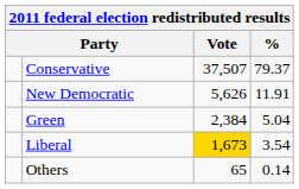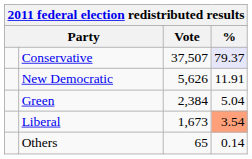 <table class="wikitable">
 <tr>
 <th colspan="4"><a href='#'>2011 federal election</a> redistributed results</th>
 </tr>
 <tr>
 <th bgcolor="#DDDDFF" width="130px" colspan="2">Party</th>
 <th bgcolor="#DDDDFF" width="50px">Vote</th>
 <th bgcolor="#DDDDFF" width="30px">%</th>
 </tr>
 <tr>
 <td> </td>
 <td><a href='#'>Conservative</a></td>
 <td align=right>37,507</td>
-<td align=right>79.37</td>
+<td align=right style="background: lavender;">79.37</td>
 </tr>
 <tr>
 <td> </td>
 <td><a href='#'>New Democratic</a></td>
 <td align=right>5,626</td>
 <td align=right>11.91</td>
 </tr>
 <tr>
 <td> </td>
 <td><a href='#'>Green</a></td>
 <td align=right>2,384</td>
 <td align=right>5.04</td>
 </tr>
 <tr>
 <td> </td>
 <td><a href='#'>Liberal</a></td>
-<td align=right style="background: gold;">1,673</td>
-<td align=right>3.54</td>
+<td align=right>1,673</td>
+<td align=right style="background: lightsalmon;">3.54</td>
 </tr>
 <tr>
 <td> </td>
 <td>Others</td>
 <td align=right>65</td>
 <td align=right>0.14</td>
 </tr>
 </table>
